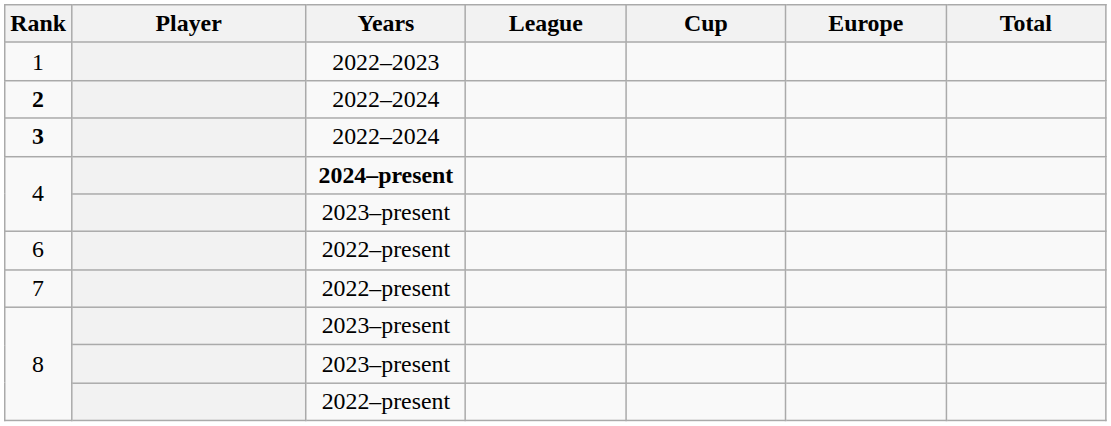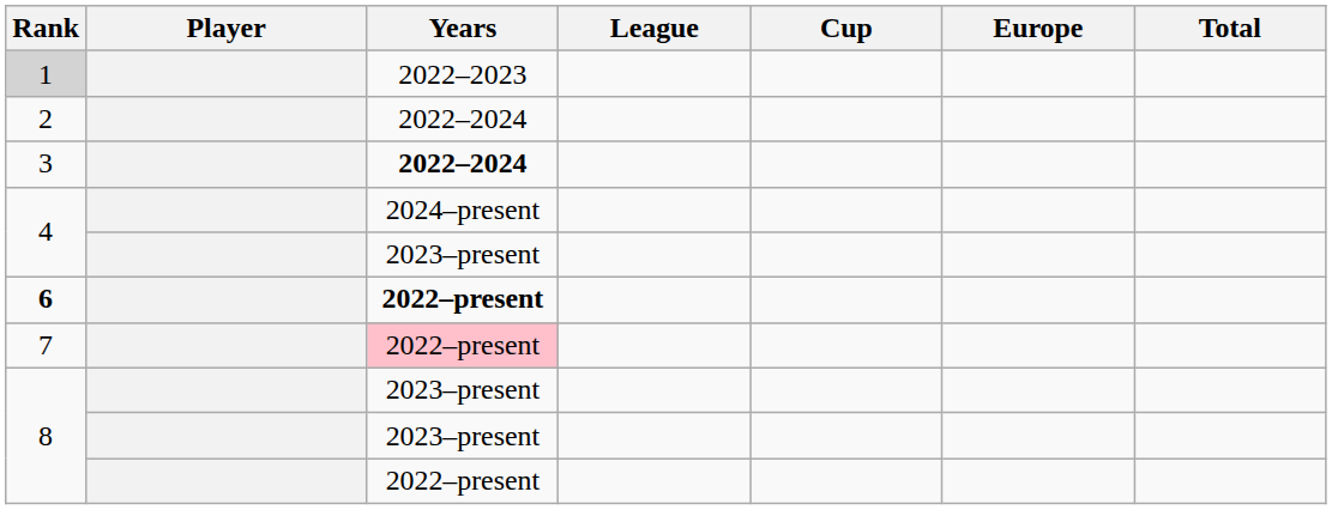 <table class="wikitable plainrowheaders sortable" style="text-align: center;">
 <tr>
 <th scope=col>Rank</th>
 <th scope=col width="150px">Player</th>
 <th scope=col width="100px">Years</th>
 <th scope=col width="100px">League</th>
 <th scope=col width="100px">Cup</th>
 <th scope=col width="100px">Europe</th>
 <th scope=col width="100px">Total</th>
 </tr>
 <tr>
-<td>1</td>
+<td style="background: lightgrey;">1</td>
 <th scope=row> </th>
 <td>2022–2023</td>
 <td></td>
 <td></td>
 <td></td>
 <td></td>
 </tr>
 <tr>
-<td><strong>2</strong></td>
+<td>2</td>
 <th scope=row> </th>
 <td>2022–2024</td>
 <td></td>
 <td></td>
 <td></td>
 <td></td>
 </tr>
 <tr>
-<td><strong>3</strong></td>
+<td>3</td>
 <th scope=row> </th>
-<td>2022–2024</td>
+<td><strong>2022–2024</strong></td>
 <td></td>
 <td></td>
 <td></td>
 <td></td>
 </tr>
 <tr>
 <td rowspan=2>4</td>
 <th scope=row> <strong></strong></th>
-<td><strong>2024–present</strong></td>
+<td>2024–present</td>
 <td></td>
 <td></td>
 <td></td>
 <td></td>
 </tr>
 <tr>
 <th scope=row> <strong></strong></th>
 <td>2023–present</td>
 <td></td>
 <td></td>
 <td></td>
 <td></td>
 </tr>
 <tr>
-<td>6</td>
+<td><strong>6</strong></td>
 <th scope=row> <strong></strong></th>
-<td>2022–present</td>
+<td><strong>2022–present</strong></td>
 <td></td>
 <td></td>
 <td></td>
 <td></td>
 </tr>
 <tr>
 <td>7</td>
 <th scope=row> <strong></strong></th>
-<td>2022–present</td>
+<td style="background: pink;">2022–present</td>
 <td></td>
 <td></td>
 <td></td>
 <td></td>
 </tr>
 <tr>
 <td rowspan=3>8</td>
 <th scope=row> <strong></strong></th>
 <td>2023–present</td>
 <td></td>
 <td></td>
 <td></td>
 <td></td>
 </tr>
 <tr>
 <th scope=row> <strong></strong></th>
 <td>2023–present</td>
 <td></td>
 <td></td>
 <td></td>
 <td></td>
 </tr>
 <tr>
 <th scope=row> <strong></strong></th>
 <td>2022–present</td>
 <td></td>
 <td></td>
 <td></td>
 <td></td>
 </tr>
 </table>
